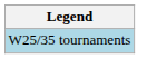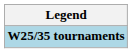 <table class=wikitable style=font-size:85%;>
 <tr>
 <th>Legend</th>
 </tr>
 <tr style="background:lightblue;">
-<td>W25/35 tournaments</td>
+<td><strong>W25/35 tournaments</strong></td>
 </tr>
 </table>
